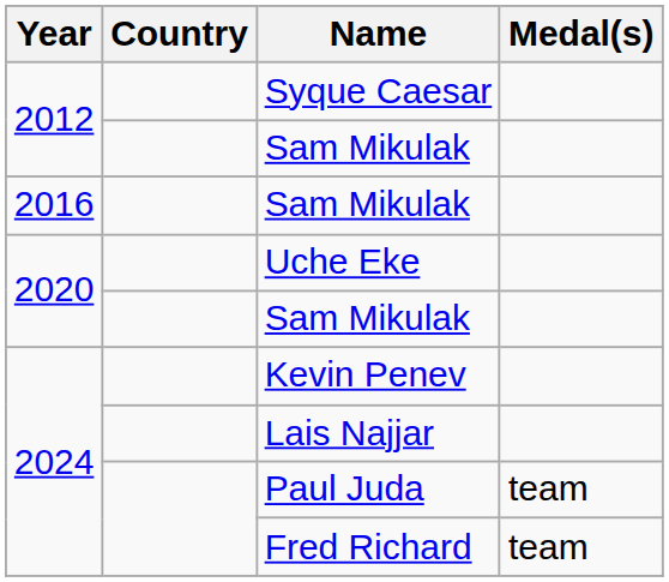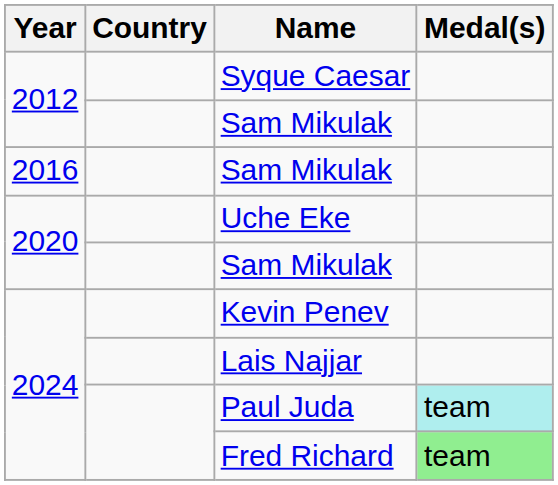 <table class="wikitable sortable">
 <tr>
 <th>Year</th>
 <th>Country</th>
 <th>Name</th>
 <th>Medal(s)</th>
 </tr>
 <tr>
 <td rowspan="2"><a href='#'>2012</a></td>
 <td></td>
 <td><a href='#'>Syque Caesar</a></td>
 <td></td>
 </tr>
 <tr>
 <td></td>
 <td><a href='#'>Sam Mikulak</a></td>
 <td></td>
 </tr>
 <tr>
 <td><a href='#'>2016</a></td>
 <td></td>
 <td><a href='#'>Sam Mikulak</a></td>
 <td></td>
 </tr>
 <tr>
 <td rowspan="2"><a href='#'>2020</a></td>
 <td></td>
 <td><a href='#'>Uche Eke</a></td>
 <td></td>
 </tr>
 <tr>
 <td></td>
 <td><a href='#'>Sam Mikulak</a></td>
 </tr>
 <tr>
 <td rowspan="4"><a href='#'>2024</a></td>
 <td></td>
 <td><a href='#'>Kevin Penev</a></td>
 <td></td>
 </tr>
 <tr>
 <td></td>
 <td><a href='#'>Lais Najjar</a></td>
 <td></td>
 </tr>
 <tr>
 <td rowspan="2"></td>
 <td><a href='#'>Paul Juda</a></td>
-<td> team</td>
+<td style="background: paleturquoise;"> team</td>
 </tr>
 <tr>
 <td><a href='#'>Fred Richard</a></td>
-<td> team</td>
+<td style="background: lightgreen;"> team</td>
 </tr>
 </table>
